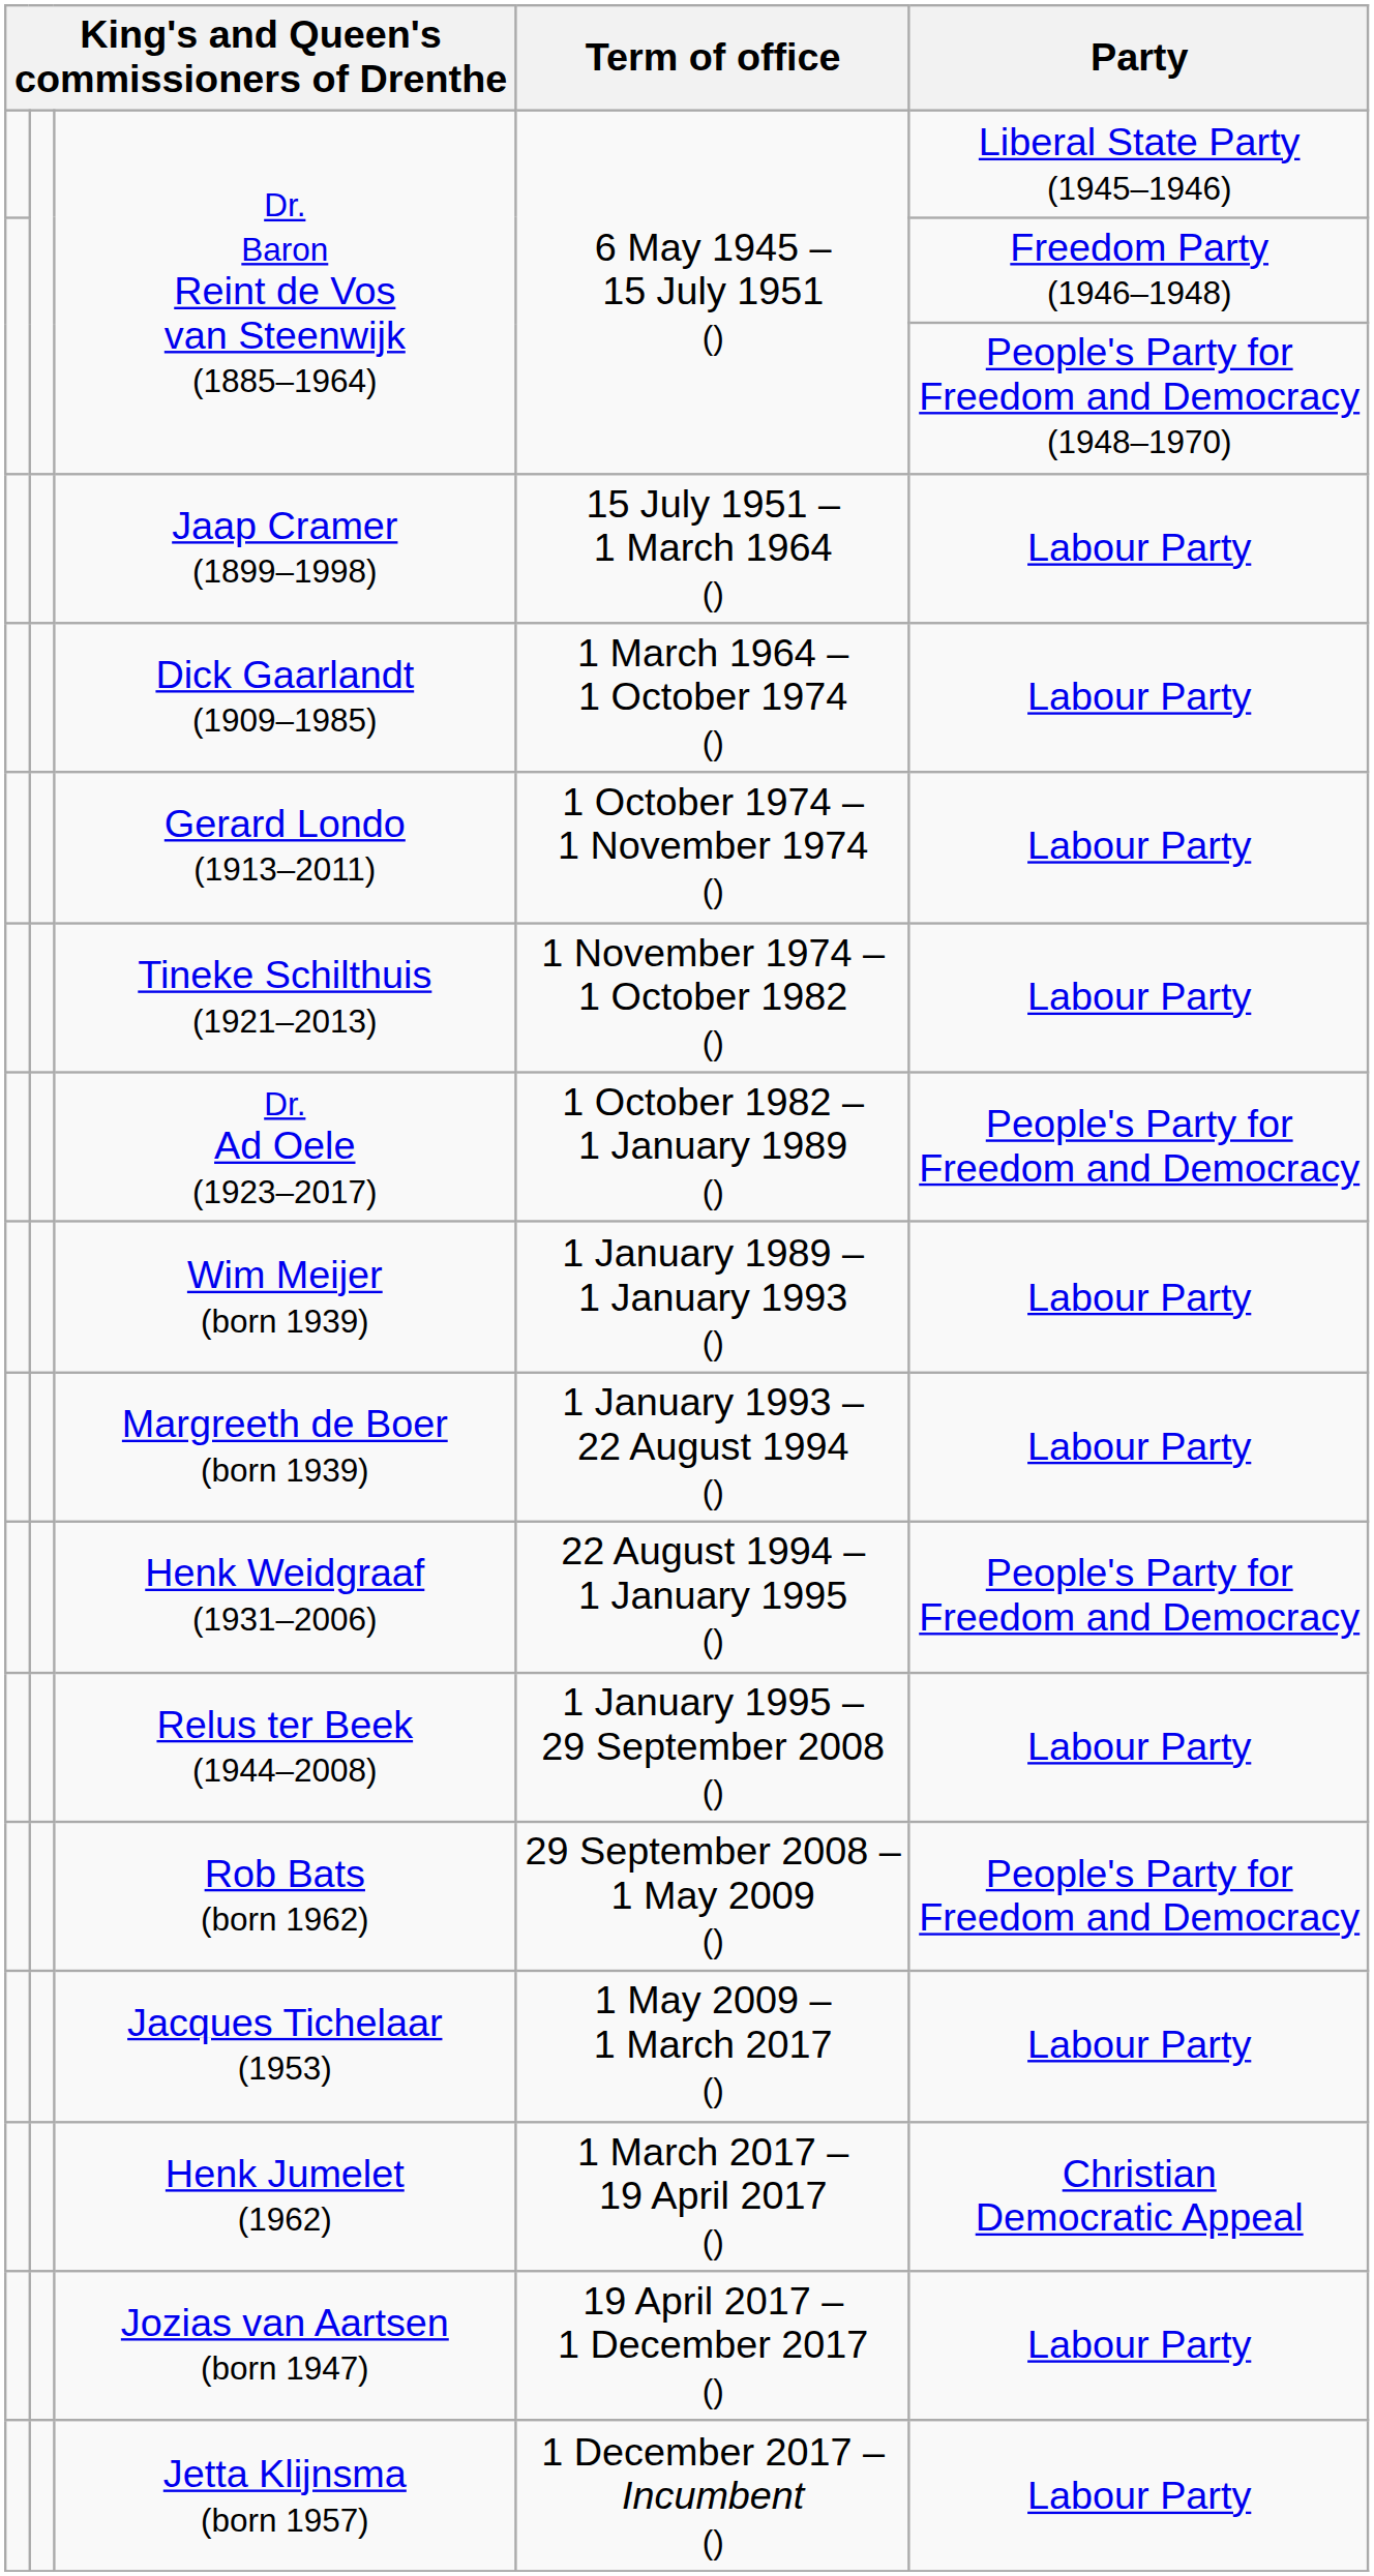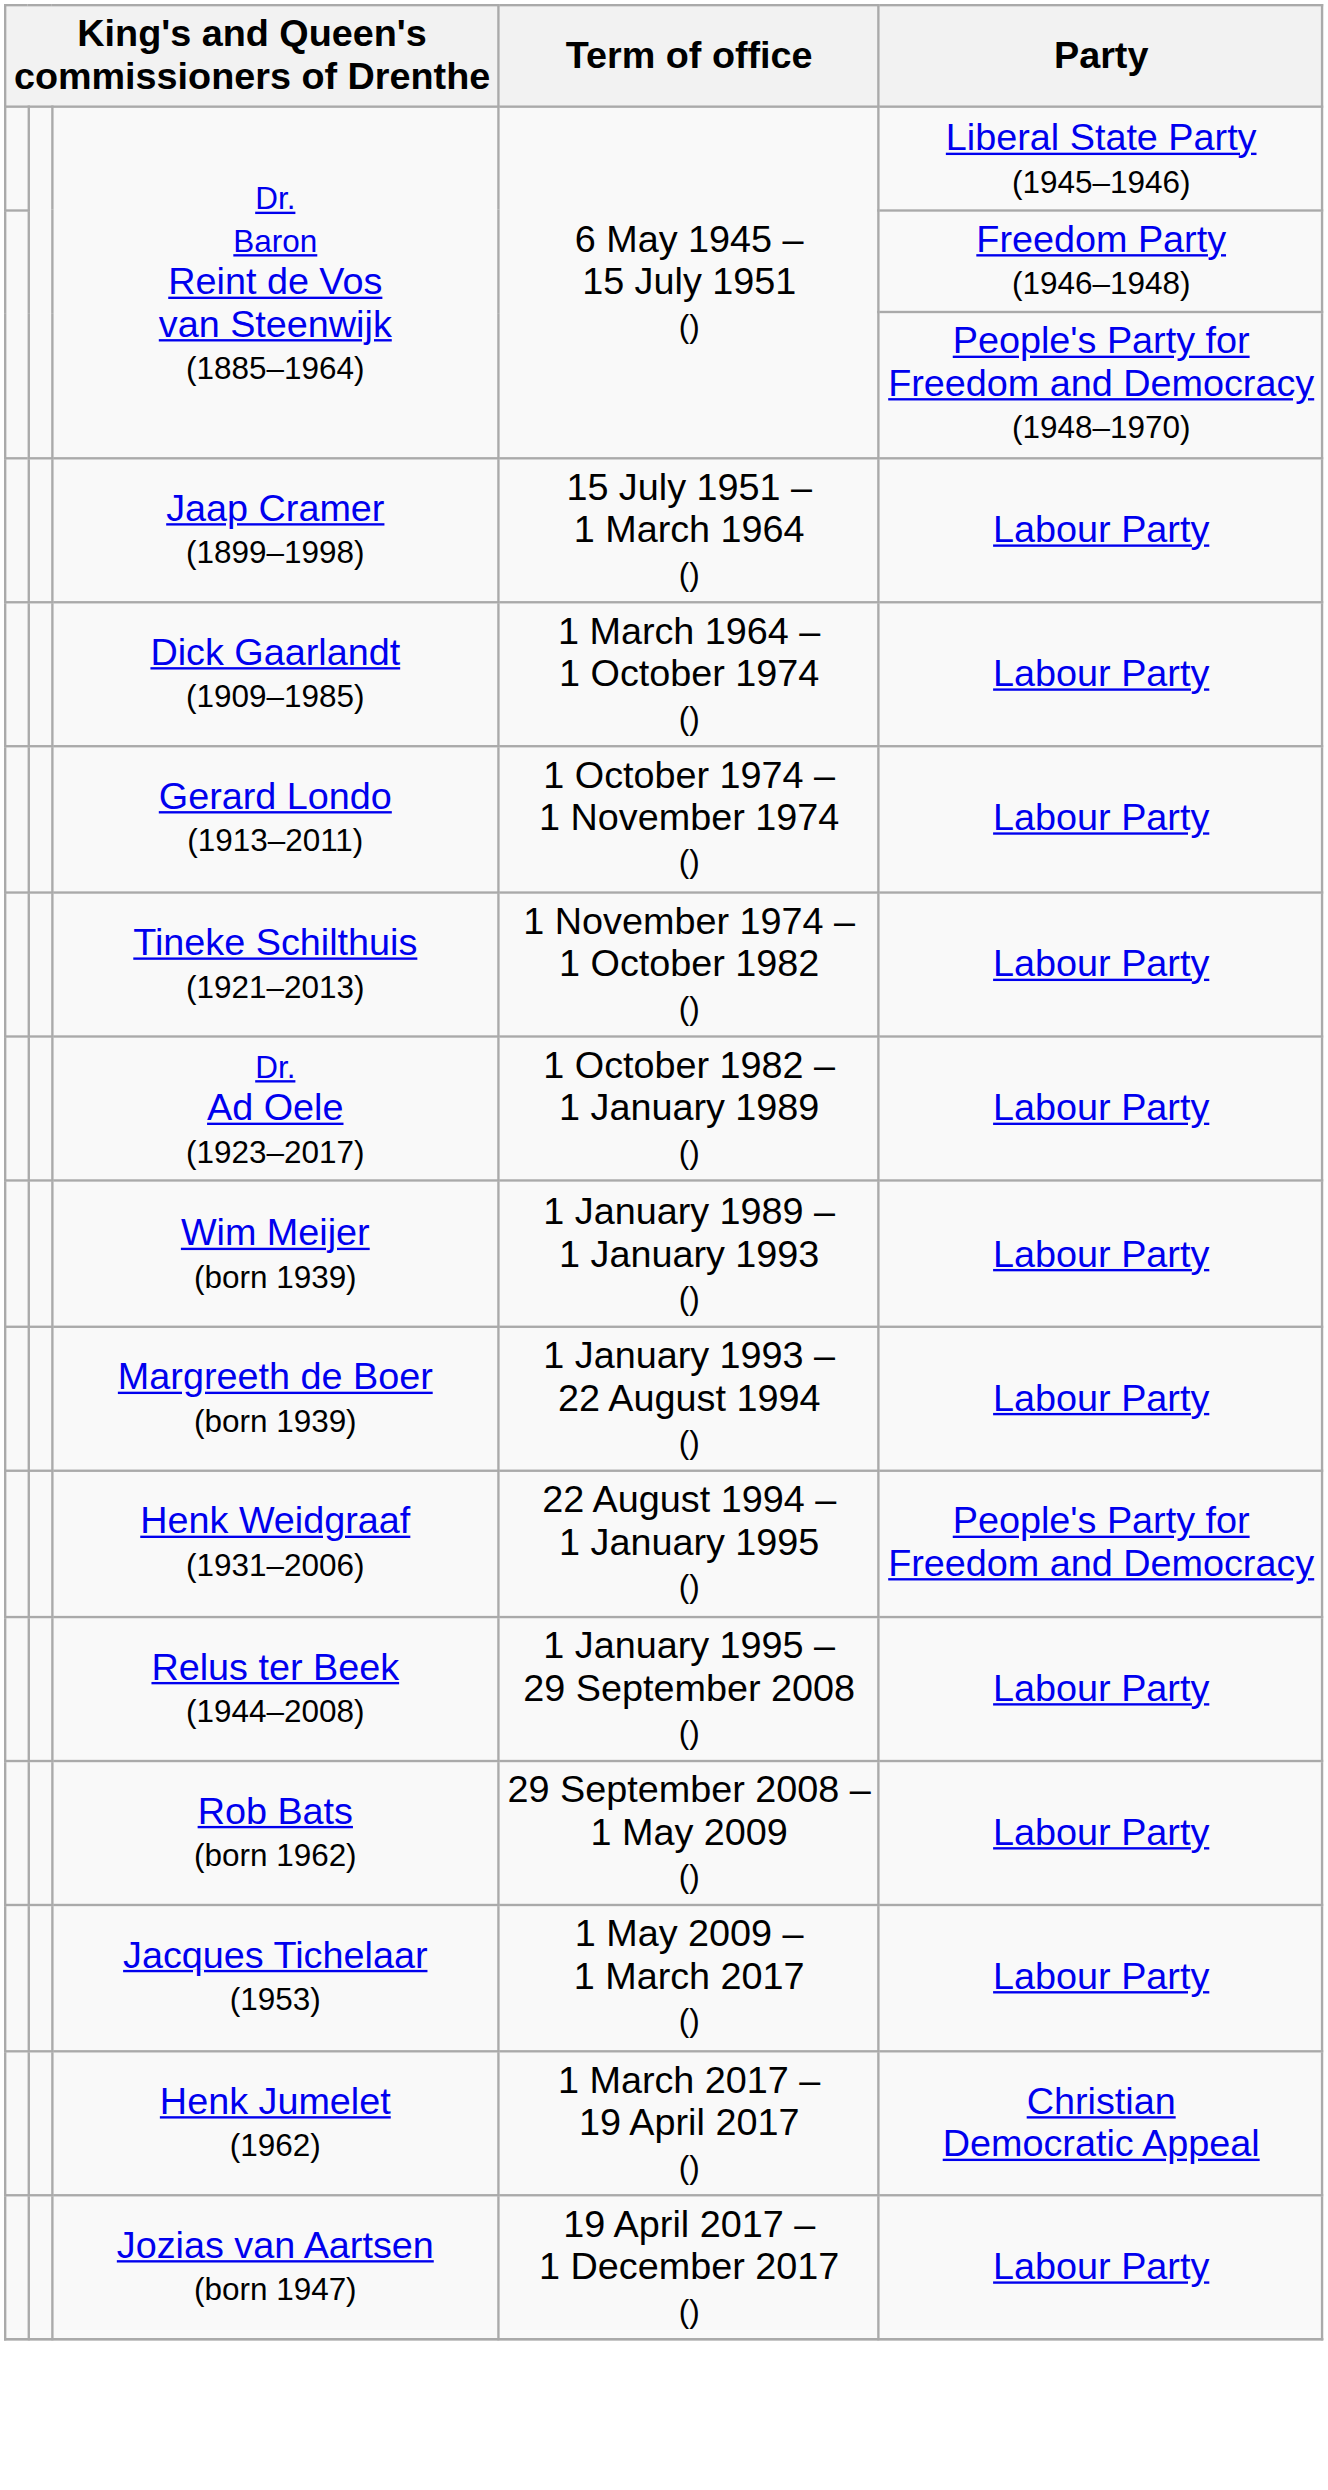 <table class="wikitable" style="text-align:center">
 <tr>
 <th colspan=3>King's and Queen's <br> commissioners of Drenthe</th>
 <th>Term of office</th>
 <th>Party</th>
 </tr>
 <tr>
 <td style="background:"></td>
 <td rowspan=3></td>
 <td rowspan=3><small><a href='#'>Dr.</a></small> <br> <small><a href='#'>Baron</a></small> <br> <a href='#'>Reint de Vos <br> van Steenwijk</a> <br> <small>(1885–1964)</small></td>
 <td rowspan=3>6 May 1945 – <br> 15 July 1951 <br> <small>()</small></td>
 <td><a href='#'>Liberal State Party</a> <br> <small>(1945–1946)</small></td>
 </tr>
 <tr>
 <td rowspan=2 style="background:"></td>
 <td><a href='#'>Freedom Party</a> <br> <small>(1946–1948)</small></td>
 </tr>
 <tr>
 <td><a href='#'>People's Party for <br> Freedom and Democracy</a> <br> <small>(1948–1970)</small></td>
 </tr>
 <tr>
 <td style="background:"></td>
 <td></td>
 <td><a href='#'>Jaap Cramer</a> <br> <small>(1899–1998)</small></td>
 <td>15 July 1951 – <br> 1 March 1964 <br> <small>()</small></td>
 <td><a href='#'>Labour Party</a></td>
 </tr>
 <tr>
 <td style="background:"></td>
 <td></td>
 <td><a href='#'>Dick Gaarlandt</a> <br> <small>(1909–1985)</small></td>
 <td>1 March 1964 – <br> 1 October 1974 <br> <small>()</small></td>
 <td><a href='#'>Labour Party</a></td>
 </tr>
 <tr>
 <td style="background:"></td>
 <td></td>
 <td><a href='#'>Gerard Londo</a> <br> <small>(1913–2011)</small></td>
 <td>1 October 1974 – <br> 1 November 1974 <br> <small>()</small> <br> </td>
 <td><a href='#'>Labour Party</a></td>
 </tr>
 <tr>
 <td style="background:"></td>
 <td></td>
 <td><a href='#'>Tineke Schilthuis</a> <br> <small>(1921–2013)</small></td>
 <td>1 November 1974 – <br> 1 October 1982 <br> <small>()</small></td>
 <td><a href='#'>Labour Party</a></td>
 </tr>
 <tr>
 <td style="background:"></td>
 <td></td>
 <td><small><a href='#'>Dr.</a></small> <br> <a href='#'>Ad Oele</a> <br> <small>(1923–2017)</small></td>
 <td>1 October 1982 – <br> 1 January 1989 <br> <small>()</small></td>
-<td><a href='#'>People's Party for <br> Freedom and Democracy</a></td>
+<td><a href='#'>Labour Party</a></td>
 </tr>
 <tr>
 <td style="background:"></td>
 <td></td>
 <td><a href='#'>Wim Meijer</a> <br> <small>(born 1939)</small></td>
 <td>1 January 1989 – <br> 1 January 1993 <br> <small>()</small></td>
 <td><a href='#'>Labour Party</a></td>
 </tr>
 <tr>
 <td style="background:"></td>
 <td></td>
 <td><a href='#'>Margreeth de Boer</a> <br> <small>(born 1939)</small></td>
 <td>1 January 1993 – <br> 22 August 1994 <br> <small>()</small> <br> </td>
 <td><a href='#'>Labour Party</a></td>
 </tr>
 <tr>
 <td style="background:"></td>
 <td></td>
 <td><a href='#'>Henk Weidgraaf</a> <br> <small>(1931–2006)</small></td>
 <td>22 August 1994 – <br> 1 January 1995 <br> <small>()</small> <br> </td>
 <td><a href='#'>People's Party for <br> Freedom and Democracy</a></td>
 </tr>
 <tr>
 <td style="background:"></td>
 <td></td>
 <td><a href='#'>Relus ter Beek</a> <br> <small>(1944–2008)</small></td>
 <td>1 January 1995 – <br> 29 September 2008 <br> <small>()</small> <br> </td>
 <td><a href='#'>Labour Party</a></td>
 </tr>
 <tr>
 <td style="background:"></td>
 <td></td>
 <td><a href='#'>Rob Bats</a> <br> <small>(born 1962)</small></td>
 <td>29 September 2008 – <br> 1 May 2009 <br> <small>()</small> <br> </td>
-<td><a href='#'>People's Party for <br> Freedom and Democracy</a></td>
+<td><a href='#'>Labour Party</a></td>
 </tr>
 <tr>
 <td style="background:"></td>
 <td></td>
 <td><a href='#'>Jacques Tichelaar</a> <br> <small>(1953)</small></td>
 <td>1 May 2009 – <br> 1 March 2017 <br> <small>()</small> <br> </td>
 <td><a href='#'>Labour Party</a></td>
 </tr>
 <tr>
 <td style="background:"></td>
 <td></td>
 <td><a href='#'>Henk Jumelet</a> <br> <small>(1962)</small></td>
 <td>1 March 2017 – <br> 19 April 2017 <br> <small>()</small> <br> </td>
 <td><a href='#'>Christian <br> Democratic Appeal</a></td>
 </tr>
 <tr>
 <td style="background:"></td>
 <td></td>
 <td><a href='#'>Jozias van Aartsen</a> <br> <small>(born 1947)</small></td>
 <td>19 April 2017 – <br> 1 December 2017 <br> <small>()</small> <br> </td>
 <td><a href='#'>Labour Party</a></td>
 </tr>
 <tr>
-<td style="background:"></td>
-<td></td>
-<td><a href='#'>Jetta Klijnsma</a> <br> <small>(born 1957)</small></td>
-<td>1 December 2017 – <br> <em>Incumbent</em> <br> <small>()</small></td>
-<td><a href='#'>Labour Party</a></td>
-</tr>
-<tr>
 </tr>
 </table>
